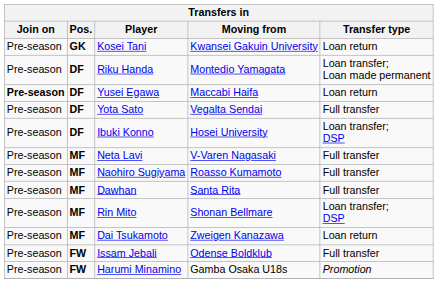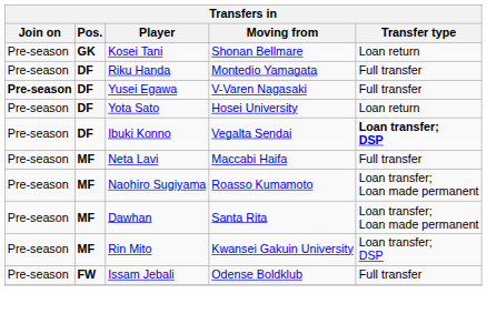 <table class="wikitable sortable" style=“text-align:left;>
 <tr>
 <th colspan="5">Transfers in</th>
 </tr>
 <tr>
 <th>Join on</th>
 <th>Pos.</th>
 <th>Player</th>
 <th>Moving from</th>
 <th>Transfer type</th>
 </tr>
 <tr>
 <td>Pre-season</td>
 <td><strong>GK</strong></td>
 <td> <a href='#'>Kosei Tani</a></td>
-<td> <a href='#'>Kwansei Gakuin University</a></td>
+<td> <a href='#'>Shonan Bellmare</a></td>
 <td>Loan return</td>
 </tr>
 <tr>
 <td>Pre-season</td>
 <td><strong>DF</strong></td>
 <td> <a href='#'>Riku Handa</a></td>
 <td> <a href='#'>Montedio Yamagata</a></td>
-<td>Loan transfer;<br> Loan made permanent</td>
+<td>Full transfer</td>
 </tr>
 <tr>
 <td><strong>Pre-season</strong></td>
 <td><strong>DF</strong></td>
 <td> <a href='#'>Yusei Egawa</a></td>
-<td> <a href='#'>Maccabi Haifa</a></td>
+<td> <a href='#'>V-Varen Nagasaki</a></td>
+<td>Full transfer</td>
+</tr>
+<tr>
+<td>Pre-season</td>
+<td><strong>DF</strong></td>
+<td> <a href='#'>Yota Sato</a></td>
+<td> <a href='#'>Hosei University</a></td>
 <td>Loan return</td>
 </tr>
 <tr>
 <td>Pre-season</td>
 <td><strong>DF</strong></td>
-<td> <a href='#'>Yota Sato</a></td>
+<td> <a href='#'>Ibuki Konno</a></td>
 <td> <a href='#'>Vegalta Sendai</a></td>
-<td>Full transfer</td>
-</tr>
-<tr>
-<td>Pre-season</td>
-<td><strong>DF</strong></td>
-<td> <a href='#'>Ibuki Konno</a></td>
-<td> <a href='#'>Hosei University</a></td>
-<td>Loan transfer;<br> <a href='#'>DSP</a></td>
+<td><strong>Loan transfer;<br> <a href='#'>DSP</a></strong></td>
 </tr>
 <tr>
 <td>Pre-season</td>
 <td><strong>MF</strong></td>
 <td> <a href='#'>Neta Lavi</a></td>
-<td> <a href='#'>V-Varen Nagasaki</a></td>
+<td> <a href='#'>Maccabi Haifa</a></td>
 <td>Full transfer</td>
 </tr>
 <tr>
 <td>Pre-season</td>
 <td><strong>MF</strong></td>
 <td> <a href='#'>Naohiro Sugiyama</a></td>
 <td> <a href='#'>Roasso Kumamoto</a></td>
-<td>Full transfer</td>
+<td>Loan transfer;<br> Loan made permanent</td>
 </tr>
 <tr>
 <td>Pre-season</td>
 <td><strong>MF</strong></td>
 <td> <a href='#'>Dawhan</a></td>
 <td> <a href='#'>Santa Rita</a></td>
-<td>Full transfer</td>
+<td>Loan transfer;<br> Loan made permanent</td>
 </tr>
 <tr>
 <td>Pre-season</td>
 <td><strong>MF</strong></td>
 <td> <a href='#'>Rin Mito</a></td>
-<td> <a href='#'>Shonan Bellmare</a></td>
+<td> <a href='#'>Kwansei Gakuin University</a></td>
 <td>Loan transfer;<br> <a href='#'>DSP</a></td>
-</tr>
-<tr>
-<td>Pre-season</td>
-<td><strong>MF</strong></td>
-<td> <a href='#'>Dai Tsukamoto</a></td>
-<td> <a href='#'>Zweigen Kanazawa</a></td>
-<td>Loan return</td>
 </tr>
 <tr>
 <td>Pre-season</td>
 <td><strong>FW</strong></td>
 <td> <a href='#'>Issam Jebali</a></td>
 <td> <a href='#'>Odense Boldklub</a></td>
 <td>Full transfer</td>
 </tr>
 <tr>
-<td>Pre-season</td>
-<td><strong>FW</strong></td>
-<td> <a href='#'>Harumi Minamino</a></td>
-<td>Gamba Osaka U18s</td>
-<td><em>Promotion</em></td>
-</tr>
-<tr>
 </tr>
 </table>
